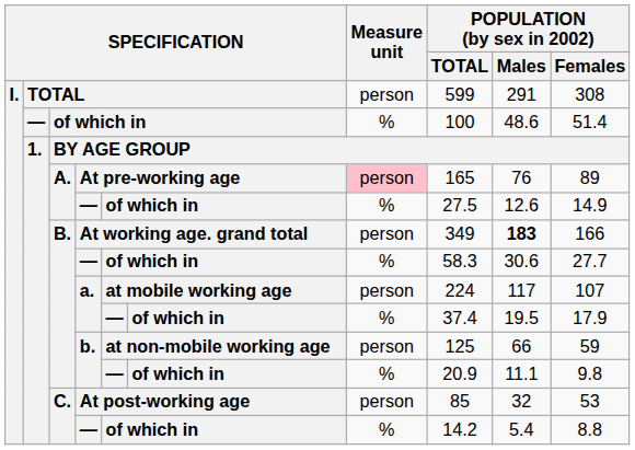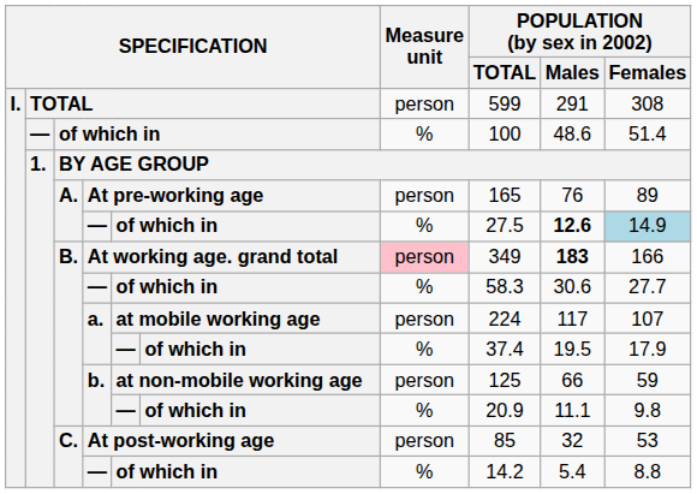 <table class="wikitable" style="font-size:85%; text-align:center">
 <tr>
 <th rowspan="2" colspan="6">SPECIFICATION</th>
 <th rowspan="2">Measure<br> unit</th>
 <th colspan="3" rowspan="1">POPULATION<br> (by sex in 2002)</th>
 </tr>
 <tr>
 <th>TOTAL</th>
 <th>Males</th>
 <th>Females</th>
 </tr>
 <tr>
 <th style="text-align:left" valign="top" rowspan="13">I.</th>
 <th style="text-align:left" colspan="5">TOTAL</th>
 <td>person</td>
 <td>599</td>
 <td>291</td>
 <td>308</td>
 </tr>
 <tr>
 <th style="text-align:left" valign="top">—</th>
 <th style="text-align:left" colspan="4">of which in</th>
 <td>%</td>
 <td>100</td>
 <td>48.6</td>
 <td>51.4</td>
 </tr>
 <tr>
 <th style="text-align:left" valign="top" rowspan="11">1.</th>
 <th style="text-align:left" colspan="19">BY AGE GROUP</th>
 </tr>
 <tr>
 <th style="text-align:left" valign="top" rowspan="2">A.</th>
 <th style="text-align:left" colspan="3">At pre-working age</th>
-<td style="background: pink;">person</td>
+<td>person</td>
 <td>165</td>
 <td>76</td>
 <td>89</td>
 </tr>
 <tr>
 <th style="text-align:left" valign="top">—</th>
 <th style="text-align:left" valign="top" colspan="2">of which in</th>
 <td>%</td>
 <td>27.5</td>
-<td>12.6</td>
-<td>14.9</td>
+<td><strong>12.6</strong></td>
+<td style="background: lightblue;">14.9</td>
 </tr>
 <tr>
 <th style="text-align:left" valign="top" rowspan="6">B.</th>
 <th style="text-align:left" colspan="3">At working age. grand total</th>
-<td>person</td>
+<td style="background: pink;">person</td>
 <td>349</td>
 <td><strong>183</strong></td>
 <td>166</td>
 </tr>
 <tr>
 <th style="text-align:left" valign="top">—</th>
 <th style="text-align:left" valign="top" colspan="2">of which in</th>
 <td>%</td>
 <td>58.3</td>
 <td>30.6</td>
 <td>27.7</td>
 </tr>
 <tr>
 <th style="text-align:left" valign="top" rowspan="2">a.</th>
 <th style="text-align:left" colspan="2">at mobile working age</th>
 <td>person</td>
 <td>224</td>
 <td>117</td>
 <td>107</td>
 </tr>
 <tr>
 <th style="text-align:left" valign="top">—</th>
 <th style="text-align:left" valign="top" colspan="1">of which in                        </th>
 <td>%</td>
 <td>37.4</td>
 <td>19.5</td>
 <td>17.9</td>
 </tr>
 <tr>
 <th style="text-align:left" valign="top" rowspan="2">b.</th>
 <th style="text-align:left" colspan="2">at non-mobile working age</th>
 <td>person</td>
 <td>125</td>
 <td>66</td>
 <td>59</td>
 </tr>
 <tr>
 <th style="text-align:left" valign="top">—</th>
 <th style="text-align:left" valign="top" colspan="1">of which in                        </th>
 <td>%</td>
 <td>20.9</td>
 <td>11.1</td>
 <td>9.8</td>
 </tr>
 <tr>
 <th style="text-align:left" valign="top" rowspan="2">C.</th>
 <th style="text-align:left" colspan="3">At post-working age</th>
 <td>person</td>
 <td>85</td>
 <td>32</td>
 <td>53</td>
 </tr>
 <tr>
 <th style="text-align:left" valign="top">—</th>
 <th style="text-align:left" valign="top" colspan="2">of which in</th>
 <td>%</td>
 <td>14.2</td>
 <td>5.4</td>
 <td>8.8</td>
 </tr>
 </table>
